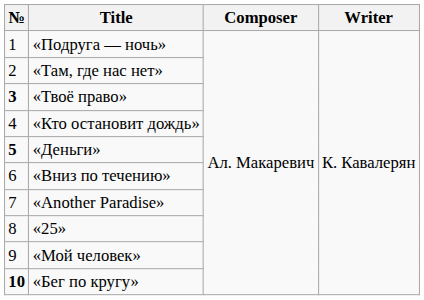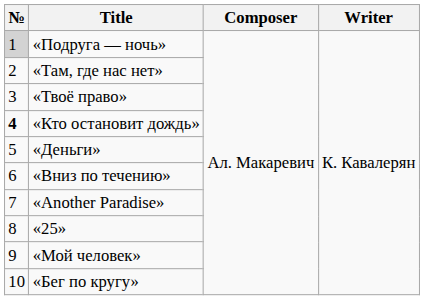 <table class="wikitable">
 <tr>
 <th>№</th>
 <th>Title</th>
 <th>Composer</th>
 <th>Writer</th>
 </tr>
 <tr>
-<td>1</td>
+<td style="background: lightgrey;">1</td>
 <td>«Подруга — ночь»</td>
 <td rowspan="10">Ал. Макаревич</td>
 <td rowspan="10">К. Кавалерян</td>
 </tr>
 <tr>
 <td>2</td>
 <td>«Там, где нас нет»</td>
 </tr>
 <tr>
-<td><strong>3</strong></td>
+<td>3</td>
 <td>«Твоё право»</td>
 </tr>
 <tr>
-<td>4</td>
+<td><strong>4</strong></td>
 <td>«Кто остановит дождь»</td>
 </tr>
 <tr>
-<td><strong>5</strong></td>
+<td>5</td>
 <td>«Деньги»</td>
 </tr>
 <tr>
 <td>6</td>
 <td>«Вниз по течению»</td>
 </tr>
 <tr>
 <td>7</td>
 <td>«Another Paradise»</td>
 </tr>
 <tr>
 <td>8</td>
 <td>«25»</td>
 </tr>
 <tr>
 <td>9</td>
 <td>«Мой человек»</td>
 </tr>
 <tr>
-<td><strong>10</strong></td>
+<td>10</td>
 <td>«Бег по кругу»</td>
 </tr>
 </table>
